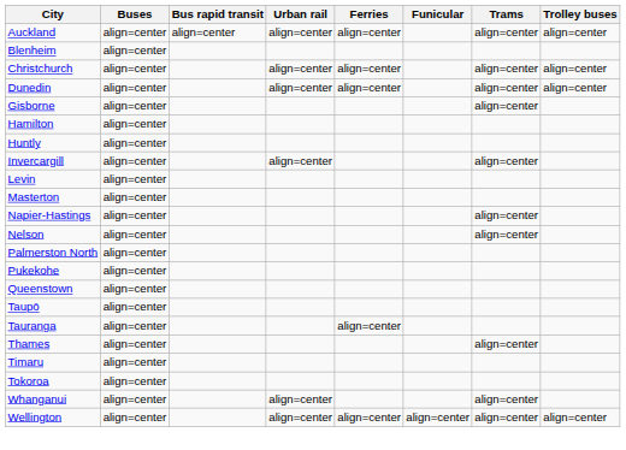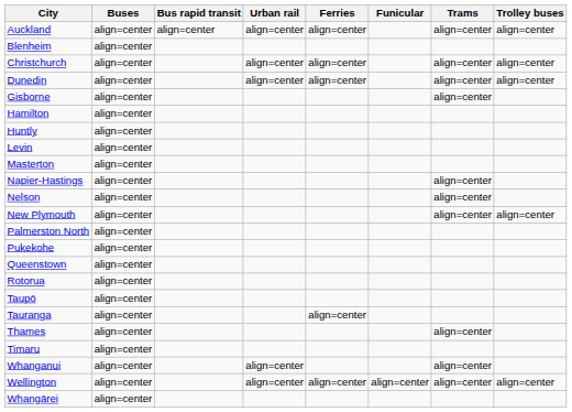 <table class="wikitable">
 <tr>
 <th>City</th>
 <th>Buses</th>
 <th>Bus rapid transit</th>
 <th>Urban rail</th>
 <th>Ferries</th>
 <th>Funicular</th>
 <th>Trams</th>
 <th>Trolley buses</th>
 </tr>
 <tr -->
 <td><a href='#'>Auckland</a></td>
 <td>align=center </td>
 <td>align=center </td>
 <td>align=center </td>
 <td>align=center </td>
 <td></td>
 <td>align=center </td>
 <td>align=center </td>
 </tr>
 <tr -->
 <td><a href='#'>Blenheim</a></td>
 <td>align=center </td>
 <td></td>
 <td></td>
 <td></td>
 <td></td>
 <td></td>
 <td></td>
 </tr>
 <tr -->
 <td><a href='#'>Christchurch</a></td>
 <td>align=center </td>
 <td></td>
 <td>align=center </td>
 <td>align=center </td>
 <td></td>
 <td>align=center </td>
 <td>align=center </td>
 </tr>
 <tr -->
 <td><a href='#'>Dunedin</a></td>
 <td>align=center </td>
 <td></td>
 <td>align=center </td>
 <td>align=center </td>
 <td></td>
 <td>align=center </td>
 <td>align=center </td>
 </tr>
 <tr -->
 <td><a href='#'>Gisborne</a></td>
 <td>align=center </td>
 <td></td>
 <td></td>
 <td></td>
 <td></td>
 <td>align=center </td>
 <td></td>
 </tr>
 <tr -->
 <td><a href='#'>Hamilton</a></td>
 <td>align=center </td>
 <td></td>
 <td></td>
 <td></td>
 <td></td>
 <td></td>
 <td></td>
 </tr>
 <tr>
 <td><a href='#'>Huntly</a></td>
 <td>align=center </td>
 <td></td>
 <td></td>
 <td></td>
 <td></td>
 <td></td>
 <td></td>
 </tr>
 <tr -->
-<td><a href='#'>Invercargill</a></td>
-<td>align=center </td>
-<td></td>
-<td>align=center </td>
-<td></td>
-<td></td>
-<td>align=center </td>
-<td></td>
-</tr>
-<tr -->
 <td><a href='#'>Levin</a></td>
 <td>align=center </td>
 <td></td>
 <td></td>
 <td></td>
 <td></td>
 <td></td>
 <td></td>
 </tr>
 <tr -->
 <td><a href='#'>Masterton</a></td>
 <td>align=center </td>
 <td></td>
 <td></td>
 <td></td>
 <td></td>
 <td></td>
 <td></td>
 </tr>
 <tr -->
 <td><a href='#'>Napier-Hastings</a></td>
 <td>align=center </td>
 <td></td>
 <td></td>
 <td></td>
 <td></td>
 <td>align=center </td>
 <td></td>
 </tr>
 <tr -->
 <td><a href='#'>Nelson</a></td>
 <td>align=center </td>
 <td></td>
 <td></td>
 <td></td>
 <td></td>
 <td>align=center </td>
 <td></td>
 </tr>
 <tr -->
+<td><a href='#'>New Plymouth</a></td>
+<td>align=center </td>
+<td></td>
+<td></td>
+<td></td>
+<td></td>
+<td>align=center </td>
+<td>align=center </td>
+</tr>
+<tr -->
 <td><a href='#'>Palmerston North</a></td>
 <td>align=center </td>
 <td></td>
 <td></td>
 <td></td>
 <td></td>
 <td></td>
 <td></td>
 </tr>
 <tr -->
 <td><a href='#'>Pukekohe</a></td>
 <td>align=center </td>
 <td></td>
 <td></td>
 <td></td>
 <td></td>
 <td></td>
 <td></td>
 </tr>
 <tr -->
 <td><a href='#'>Queenstown</a></td>
+<td>align=center </td>
+<td></td>
+<td></td>
+<td></td>
+<td></td>
+<td></td>
+<td></td>
+</tr>
+<tr -->
+<td><a href='#'>Rotorua</a></td>
 <td>align=center </td>
 <td></td>
 <td></td>
 <td></td>
 <td></td>
 <td></td>
 <td></td>
 </tr>
 <tr -->
 <td><a href='#'>Taupō</a></td>
 <td>align=center </td>
 <td></td>
 <td></td>
 <td></td>
 <td></td>
 <td></td>
 <td></td>
 </tr>
 <tr -->
 <td><a href='#'>Tauranga</a></td>
 <td>align=center </td>
 <td></td>
 <td></td>
 <td>align=center </td>
 <td></td>
 <td></td>
 <td></td>
 </tr>
 <tr -->
 <td><a href='#'>Thames</a></td>
 <td>align=center </td>
 <td></td>
 <td></td>
 <td></td>
 <td></td>
 <td>align=center </td>
 <td></td>
 </tr>
 <tr -->
 <td><a href='#'>Timaru</a></td>
 <td>align=center </td>
 <td></td>
 <td></td>
 <td></td>
 <td></td>
 <td></td>
 <td></td>
 </tr>
-<tr>
-<td><a href='#'>Tokoroa</a></td>
-<td>align=center </td>
-<td></td>
-<td></td>
-<td></td>
-<td></td>
-<td></td>
-<td></td>
-</tr>
 <tr -->
 <td><a href='#'>Whanganui</a></td>
 <td>align=center </td>
 <td></td>
 <td>align=center </td>
 <td></td>
 <td></td>
 <td>align=center </td>
 <td></td>
 </tr>
 <tr -->
 <td><a href='#'>Wellington</a></td>
 <td>align=center </td>
 <td></td>
 <td>align=center </td>
 <td>align=center </td>
 <td>align=center </td>
 <td>align=center </td>
 <td>align=center </td>
 </tr>
+<tr -->
+<td><a href='#'>Whangārei</a></td>
+<td>align=center </td>
+<td></td>
+<td></td>
+<td></td>
+<td></td>
+<td></td>
+<td></td>
+</tr>
 </table>
